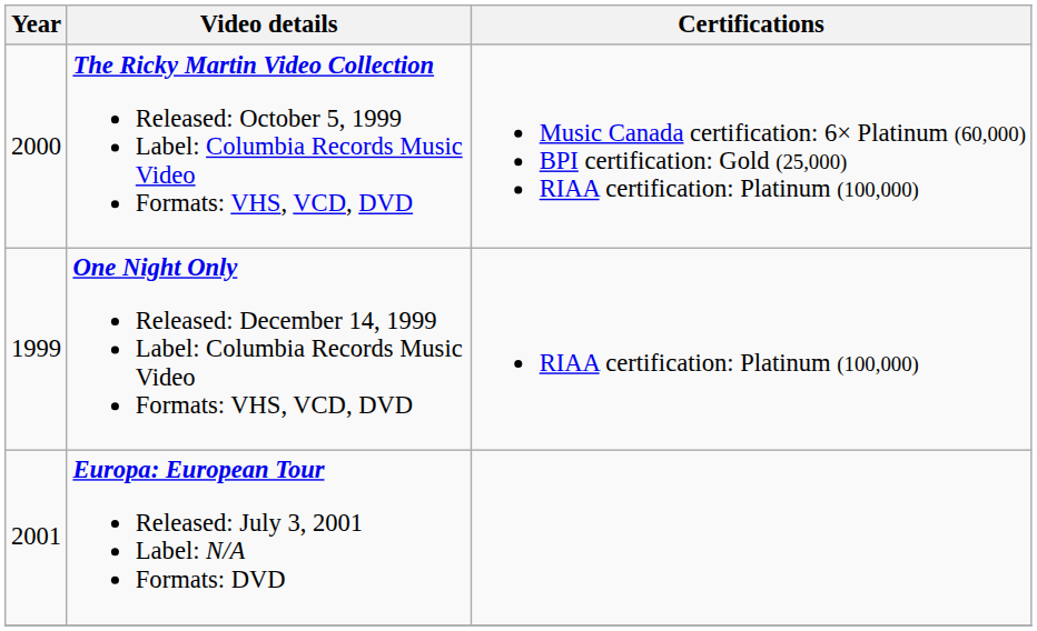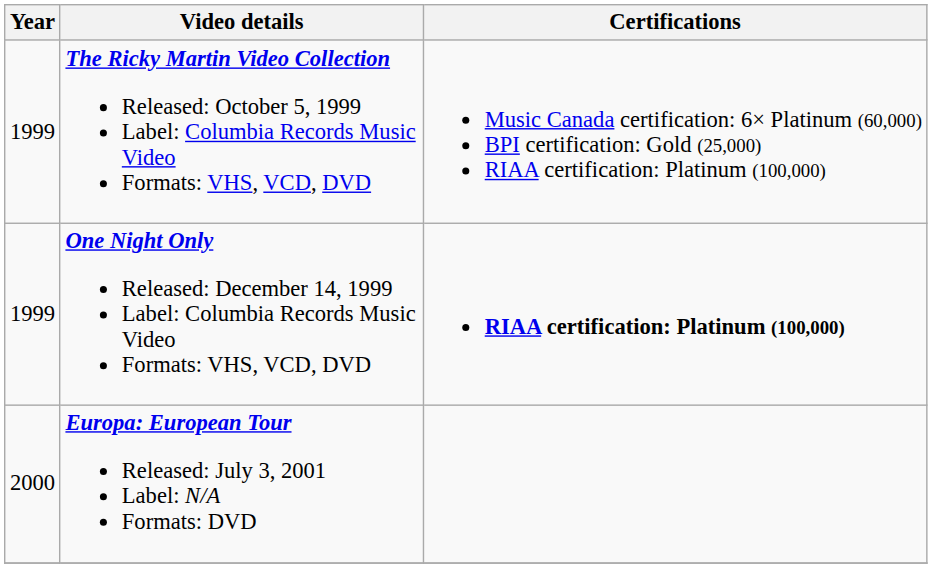 <table class="wikitable">
 <tr>
 <th>Year</th>
 <th style="width:250px;">Video details</th>
 <th>Certifications</th>
 </tr>
 <tr>
-<td>2000</td>
+<td>1999</td>
 <td><strong><em><a href='#'>The Ricky Martin Video Collection</a></em></strong><br><ul><li>Released: October 5, 1999</li><li>Label: <a href='#'>Columbia Records Music Video</a></li><li>Formats: <a href='#'>VHS</a>, <a href='#'>VCD</a>, <a href='#'>DVD</a></li></ul></td>
 <td><br><ul><li><a href='#'>Music Canada</a> certification: 6× Platinum <small>(60,000)</small></li><li><a href='#'>BPI</a> certification: Gold <small>(25,000)</small></li><li><a href='#'>RIAA</a> certification: Platinum <small>(100,000)</small></li></ul></td>
 </tr>
 <tr>
 <td>1999</td>
 <td><strong><em><a href='#'>One Night Only</a></em></strong><br><ul><li>Released: December 14, 1999</li><li>Label: Columbia Records Music Video</li><li>Formats: VHS, VCD, DVD</li></ul></td>
-<td><br><ul><li><a href='#'>RIAA</a> certification: Platinum <small>(100,000)</small></li></ul></td>
+<td><strong><br><ul><li><a href='#'>RIAA</a> certification: Platinum <small>(100,000)</small></li></ul></strong></td>
 </tr>
 <tr>
-<td>2001</td>
+<td>2000</td>
 <td><strong><em><a href='#'>Europa: European Tour</a></em></strong><br><ul><li>Released: July 3, 2001</li><li>Label: <em>N/A</em></li><li>Formats: DVD</li></ul></td>
 <td></td>
 </tr>
 <tr>
 </tr>
 </table>
